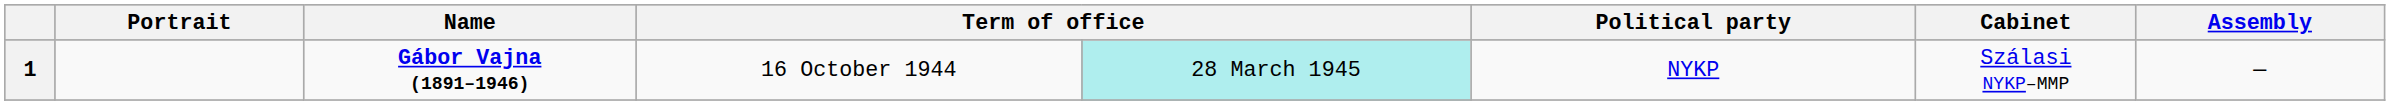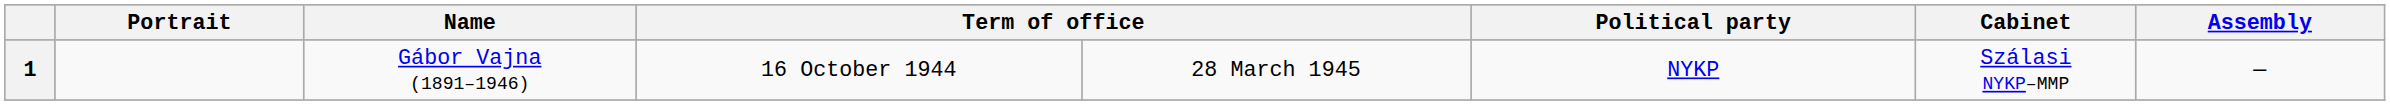 <table class="wikitable" style="width:90%; text-align:center;">
 <tr>
 <th></th>
 <th>Portrait</th>
 <th>Name<br></th>
 <th colspan=2>Term of office</th>
 <th>Political party</th>
 <th>Cabinet</th>
 <th><a href='#'>Assembly</a><br></th>
 </tr>
 <tr>
 <th style="background-color:">1</th>
 <td></td>
-<td><strong><a href='#'>Gábor Vajna</a><br><small>(1891–1946)</small></strong></td>
+<td><a href='#'>Gábor Vajna</a><br><small>(1891–1946)</small></td>
 <td>16 October 1944</td>
-<td style="background: paleturquoise;">28 March 1945</td>
+<td>28 March 1945</td>
 <td><a href='#'>NYKP</a></td>
 <td><a href='#'>Szálasi</a><br><small><a href='#'>NYKP</a>–MMP</small></td>
 <td>—</td>
 </tr>
 </table>
